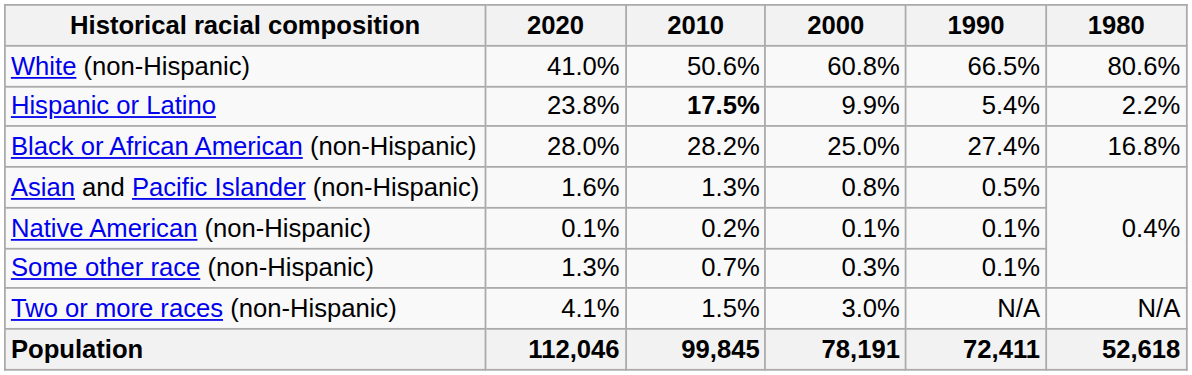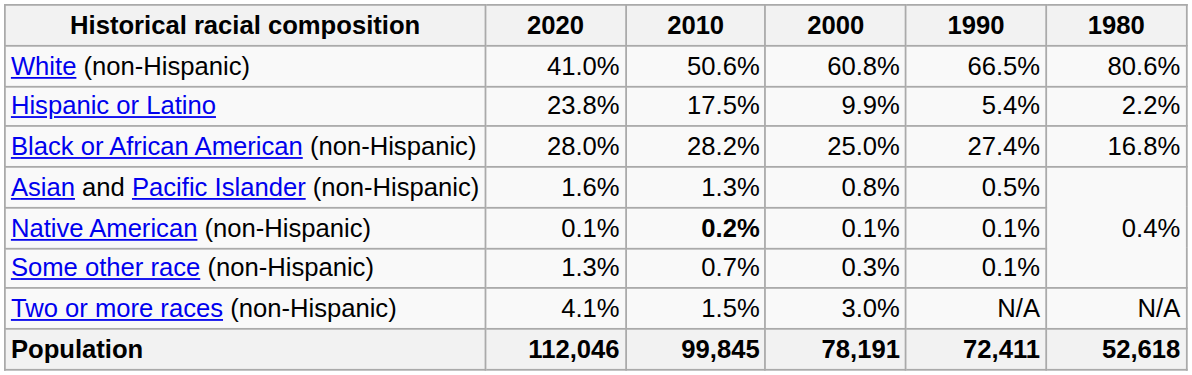 <table class="wikitable" style="font-size: 90%; text-align: right;">
 <tr>
 <th>Historical racial composition</th>
 <th style="width: 5em;">2020</th>
 <th style="width: 5em;">2010</th>
 <th style="width: 5em;">2000</th>
 <th style="width: 5em;">1990</th>
 <th style="width: 5em;">1980</th>
 </tr>
 <tr>
 <td style="text-align:left"><a href='#'>White</a> (non-Hispanic)</td>
 <td>41.0%</td>
 <td>50.6%</td>
 <td>60.8%</td>
 <td>66.5%</td>
 <td>80.6%</td>
 </tr>
 <tr>
 <td style="text-align:left"><a href='#'>Hispanic or Latino</a></td>
 <td>23.8%</td>
-<td><strong>17.5%</strong></td>
+<td>17.5%</td>
 <td>9.9%</td>
 <td>5.4%</td>
 <td>2.2%</td>
 </tr>
 <tr>
 <td style="text-align:left"><a href='#'>Black or African American</a> (non-Hispanic)</td>
 <td>28.0%</td>
 <td>28.2%</td>
 <td>25.0%</td>
 <td>27.4%</td>
 <td>16.8%</td>
 </tr>
 <tr>
 <td style="text-align:left"><a href='#'>Asian</a> and <a href='#'>Pacific Islander</a> (non-Hispanic)</td>
 <td>1.6%</td>
 <td>1.3%</td>
 <td>0.8%</td>
 <td>0.5%</td>
 <td rowspan="3">0.4%</td>
 </tr>
 <tr>
 <td style="text-align:left"><a href='#'>Native American</a> (non-Hispanic)</td>
 <td>0.1%</td>
-<td>0.2%</td>
+<td><strong>0.2%</strong></td>
 <td>0.1%</td>
 <td>0.1%</td>
 </tr>
 <tr>
 <td style="text-align:left"><a href='#'>Some other race</a> (non-Hispanic)</td>
 <td>1.3%</td>
 <td>0.7%</td>
 <td>0.3%</td>
 <td>0.1%</td>
 </tr>
 <tr>
 <td style="text-align:left"><a href='#'>Two or more races</a> (non-Hispanic)</td>
 <td>4.1%</td>
 <td>1.5%</td>
 <td>3.0%</td>
 <td>N/A</td>
 <td>N/A</td>
 </tr>
 <tr>
 <th style="text-align:left">Population</th>
 <th style="text-align:right">112,046</th>
 <th style="text-align:right">99,845</th>
 <th style="text-align:right">78,191</th>
 <th style="text-align:right">72,411</th>
 <th style="text-align:right">52,618</th>
 </tr>
 </table>
